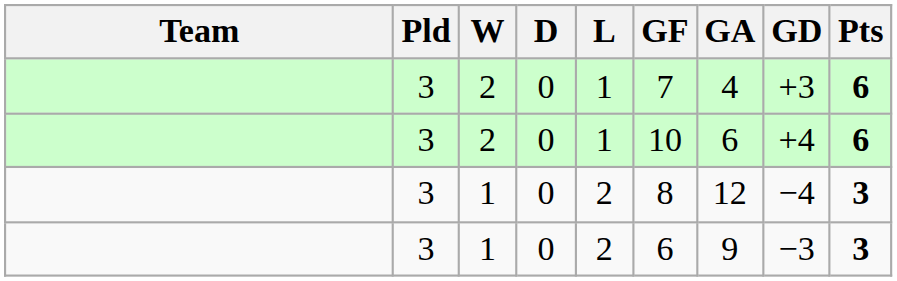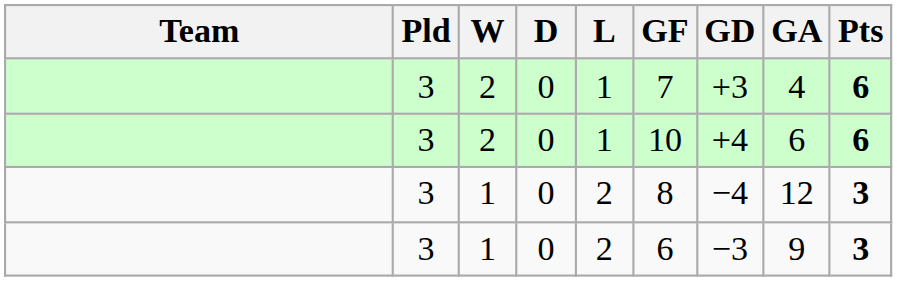 <table class="wikitable" style="text-align: center;">
 <tr>
 <th width="175">Team</th>
 <th width="20">Pld</th>
 <th width="20">W</th>
 <th width="20">D</th>
 <th width="20">L</th>
 <th width="20">GF</th>
+<th width="20">GD</th>
 <th width="20">GA</th>
-<th width="20">GD</th>
 <th width="20">Pts</th>
 </tr>
 <tr bgcolor="#ccffcc">
 <td align="left"></td>
 <td>3</td>
 <td>2</td>
 <td>0</td>
 <td>1</td>
 <td>7</td>
+<td>+3</td>
 <td>4</td>
-<td>+3</td>
 <td><strong>6</strong></td>
 </tr>
 <tr bgcolor="#ccffcc">
 <td align="left"></td>
 <td>3</td>
 <td>2</td>
 <td>0</td>
 <td>1</td>
 <td>10</td>
+<td>+4</td>
 <td>6</td>
-<td>+4</td>
 <td><strong>6</strong></td>
 </tr>
 <tr>
 <td align="left"></td>
 <td>3</td>
 <td>1</td>
 <td>0</td>
 <td>2</td>
 <td>8</td>
+<td>−4</td>
 <td>12</td>
-<td>−4</td>
 <td><strong>3</strong></td>
 </tr>
 <tr>
 <td align="left"></td>
 <td>3</td>
 <td>1</td>
 <td>0</td>
 <td>2</td>
 <td>6</td>
+<td>−3</td>
 <td>9</td>
-<td>−3</td>
 <td><strong>3</strong></td>
 </tr>
 </table>
